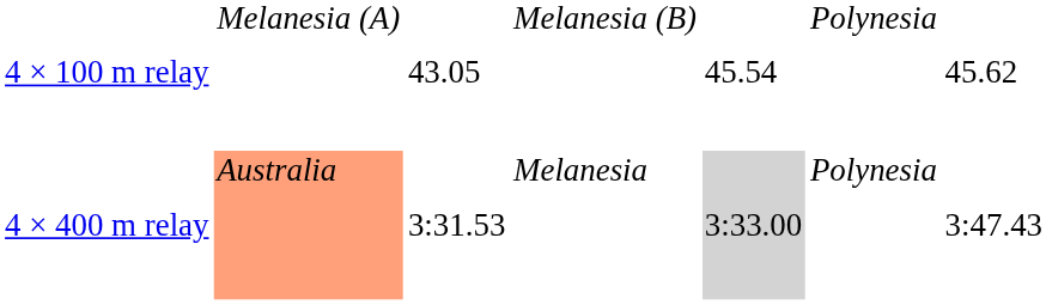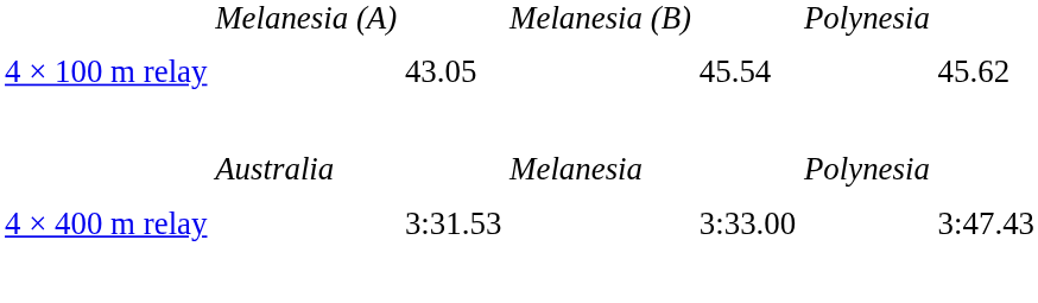 <table>
 <tr>
 <td><a href='#'>4 × 100 m relay</a> <br><small></small></td>
 <td><em>Melanesia (A)</em> <br>   <br> <br>  <br></td>
 <td>43.05</td>
 <td><em>Melanesia (B)</em> <br>   <br> <br>  <br></td>
 <td>45.54</td>
 <td><em>Polynesia</em> <br>   <br> <br>  <br></td>
 <td>45.62</td>
 </tr>
 <tr>
 <td><a href='#'>4 × 400 m relay</a> <br><small></small></td>
-<td style="background: lightsalmon;"><em>Australia</em> <br>   <br> <br>  <br></td>
+<td><em>Australia</em> <br>   <br> <br>  <br></td>
 <td>3:31.53</td>
 <td><em>Melanesia</em> <br>   <br> <br>  <br></td>
-<td style="background: lightgrey;">3:33.00</td>
+<td>3:33.00</td>
 <td><em>Polynesia</em> <br>   <br> <br>  <br></td>
 <td>3:47.43</td>
 </tr>
 <tr>
 </tr>
 </table>
